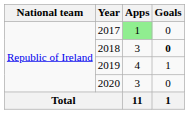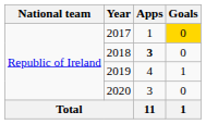 <table class="wikitable" style="text-align: center;">
 <tr>
 <th>National team</th>
 <th>Year</th>
 <th>Apps</th>
 <th>Goals</th>
 </tr>
 <tr>
 <td rowspan="4"><a href='#'>Republic of Ireland</a></td>
 <td>2017</td>
-<td style="background: lightgreen;">1</td>
-<td>0</td>
+<td>1</td>
+<td style="background: gold;">0</td>
 </tr>
 <tr>
 <td>2018</td>
-<td>3</td>
-<td><strong>0</strong></td>
+<td><strong>3</strong></td>
+<td>0</td>
 </tr>
 <tr>
 <td>2019</td>
 <td>4</td>
 <td>1</td>
 </tr>
 <tr>
 <td>2020</td>
 <td>3</td>
 <td>0</td>
 </tr>
 <tr>
 <th colspan="2">Total</th>
 <th>11</th>
 <th>1</th>
 </tr>
 </table>
